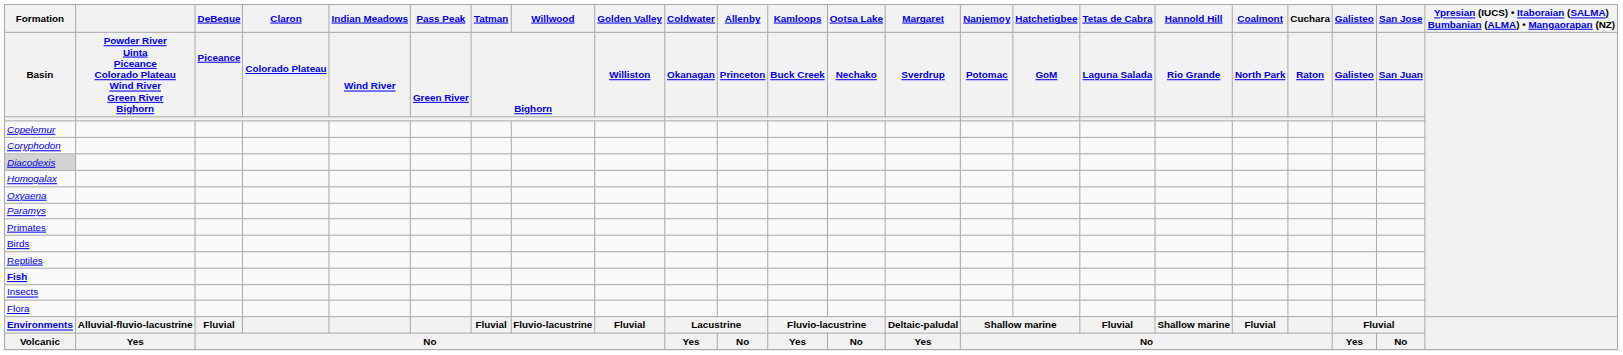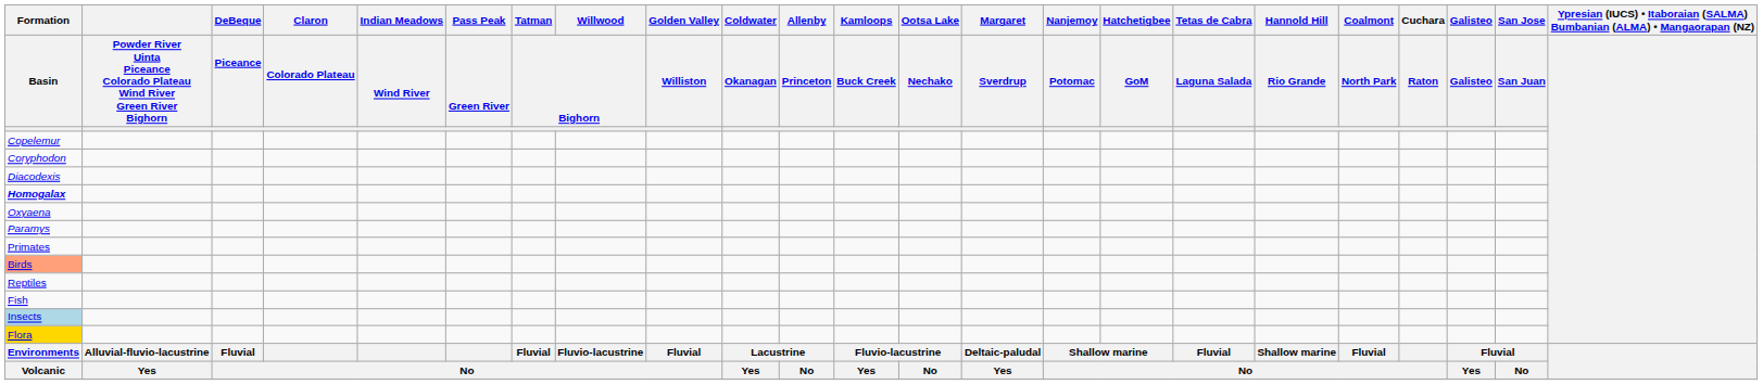 <table class="wikitable" style="font-size: 60%">
 <tr>
 <th>Formation</th>
 <th></th>
 <th><a href='#'>DeBeque</a></th>
 <th><a href='#'>Claron</a></th>
 <th><a href='#'>Indian Meadows</a></th>
 <th><a href='#'>Pass Peak</a></th>
 <th><a href='#'>Tatman</a></th>
 <th><a href='#'>Willwood</a></th>
 <th><a href='#'>Golden Valley</a></th>
 <th><a href='#'>Coldwater</a></th>
 <th><a href='#'>Allenby</a></th>
 <th><a href='#'>Kamloops</a></th>
 <th><a href='#'>Ootsa Lake</a></th>
 <th><a href='#'>Margaret</a></th>
 <th><a href='#'>Nanjemoy</a></th>
 <th><a href='#'>Hatchetigbee</a></th>
 <th><a href='#'>Tetas de Cabra</a></th>
 <th><a href='#'>Hannold Hill</a></th>
 <th><a href='#'>Coalmont</a></th>
 <th>Cuchara</th>
 <th><a href='#'>Galisteo</a></th>
 <th><a href='#'>San Jose</a></th>
 <th><a href='#'>Ypresian</a> (IUCS) • <a href='#'>Itaboraian</a> (<a href='#'>SALMA</a>)<br><a href='#'>Bumbanian</a> (<a href='#'>ALMA</a>) • <a href='#'>Mangaorapan</a> (NZ)</th>
 </tr>
 <tr>
 <th>Basin</th>
 <th><a href='#'>Powder River</a><br><a href='#'>Uinta</a><br><a href='#'>Piceance</a><br><a href='#'>Colorado Plateau</a><br><a href='#'>Wind River</a><br><a href='#'>Green River</a><br><a href='#'>Bighorn</a></th>
 <th><a href='#'>Piceance</a><br><br><br><br></th>
 <th><br><a href='#'>Colorado Plateau</a><br><br><br></th>
 <th><br><br><br><a href='#'>Wind River</a><br><br></th>
 <th><br><br><br><br><a href='#'>Green River</a><br></th>
 <th colspan=2><br><br><br><br><br><br><a href='#'>Bighorn</a></th>
 <th><a href='#'>Williston</a></th>
 <th><a href='#'>Okanagan</a></th>
 <th><a href='#'>Princeton</a></th>
 <th><a href='#'>Buck Creek</a></th>
 <th><a href='#'>Nechako</a></th>
 <th><a href='#'>Sverdrup</a></th>
 <th><a href='#'>Potomac</a></th>
 <th><a href='#'>GoM</a></th>
 <th><a href='#'>Laguna Salada</a></th>
 <th><a href='#'>Rio Grande</a></th>
 <th><a href='#'>North Park</a></th>
 <th><a href='#'>Raton</a></th>
 <th><a href='#'>Galisteo</a></th>
 <th><a href='#'>San Juan</a></th>
 <th align=center rowspan=14></th>
 </tr>
 <tr>
 <th></th>
 <th colspan=8></th>
 <th colspan=5></th>
 <th colspan=2></th>
 <th></th>
 <th colspan=5></th>
 </tr>
 <tr>
 <td><em><a href='#'>Copelemur</a></em></td>
 <td align=center></td>
 <td align=center></td>
 <td align=center></td>
 <td align=center></td>
 <td align=center></td>
 <td align=center></td>
 <td align=center></td>
 <td align=center></td>
 <td align=center></td>
 <td align=center></td>
 <td align=center></td>
 <td align=center></td>
 <td align=center></td>
 <td align=center></td>
 <td align=center></td>
 <td align=center></td>
 <td align=center></td>
 <td align=center></td>
 <td align=center></td>
 <td align=center></td>
 <td align=center></td>
 </tr>
 <tr>
 <td><em><a href='#'>Coryphodon</a></em></td>
 <td align=center></td>
 <td align=center></td>
 <td align=center></td>
 <td align=center></td>
 <td align=center></td>
 <td align=center></td>
 <td align=center></td>
 <td align=center></td>
 <td align=center></td>
 <td align=center></td>
 <td align=center></td>
 <td align=center></td>
 <td align=center></td>
 <td align=center></td>
 <td align=center></td>
 <td align=center></td>
 <td align=center></td>
 <td align=center></td>
 <td align=center></td>
 <td align=center></td>
 <td align=center></td>
 </tr>
 <tr>
-<td style="background: lightgrey;"><em><a href='#'>Diacodexis</a></em></td>
+<td><em><a href='#'>Diacodexis</a></em></td>
 <td align=center></td>
 <td align=center></td>
 <td align=center></td>
 <td align=center></td>
 <td align=center></td>
 <td align=center></td>
 <td align=center></td>
 <td align=center></td>
 <td align=center></td>
 <td align=center></td>
 <td align=center></td>
 <td align=center></td>
 <td align=center></td>
 <td align=center></td>
 <td align=center></td>
 <td align=center></td>
 <td align=center></td>
 <td align=center></td>
 <td align=center></td>
 <td align=center></td>
 <td align=center></td>
 </tr>
 <tr>
-<td><em><a href='#'>Homogalax</a></em></td>
+<td><strong><em><a href='#'>Homogalax</a></em></strong></td>
 <td align=center></td>
 <td align=center></td>
 <td align=center></td>
 <td align=center></td>
 <td align=center></td>
 <td align=center></td>
 <td align=center></td>
 <td align=center></td>
 <td align=center></td>
 <td align=center></td>
 <td align=center></td>
 <td align=center></td>
 <td align=center></td>
 <td align=center></td>
 <td align=center></td>
 <td align=center></td>
 <td align=center></td>
 <td align=center></td>
 <td align=center></td>
 <td align=center></td>
 <td align=center></td>
 </tr>
 <tr>
 <td><em><a href='#'>Oxyaena</a></em></td>
 <td align=center></td>
 <td align=center></td>
 <td align=center></td>
 <td align=center></td>
 <td align=center></td>
 <td align=center></td>
 <td align=center></td>
 <td align=center></td>
 <td align=center></td>
 <td align=center></td>
 <td align=center></td>
 <td align=center></td>
 <td align=center></td>
 <td align=center></td>
 <td align=center></td>
 <td align=center></td>
 <td align=center></td>
 <td align=center></td>
 <td align=center></td>
 <td align=center></td>
 <td align=center></td>
 </tr>
 <tr>
 <td><em><a href='#'>Paramys</a></em></td>
 <td align=center></td>
 <td align=center></td>
 <td align=center></td>
 <td align=center></td>
 <td align=center></td>
 <td align=center></td>
 <td align=center></td>
 <td align=center></td>
 <td align=center></td>
 <td align=center></td>
 <td align=center></td>
 <td align=center></td>
 <td align=center></td>
 <td align=center></td>
 <td align=center></td>
 <td align=center></td>
 <td align=center></td>
 <td align=center></td>
 <td align=center></td>
 <td align=center></td>
 <td align=center></td>
 </tr>
 <tr>
 <td><a href='#'>Primates</a></td>
 <td align=center></td>
 <td align=center></td>
 <td align=center></td>
 <td align=center></td>
 <td align=center></td>
 <td align=center></td>
 <td align=center></td>
 <td align=center></td>
 <td align=center></td>
 <td align=center></td>
 <td align=center></td>
 <td align=center></td>
 <td align=center></td>
 <td align=center></td>
 <td align=center></td>
 <td align=center></td>
 <td align=center></td>
 <td align=center></td>
 <td align=center></td>
 <td align=center></td>
 <td align=center></td>
 </tr>
 <tr>
-<td><a href='#'>Birds</a></td>
+<td style="background: lightsalmon;"><a href='#'>Birds</a></td>
 <td align=center></td>
 <td align=center></td>
 <td align=center></td>
 <td align=center></td>
 <td align=center></td>
 <td align=center></td>
 <td align=center></td>
 <td align=center></td>
 <td align=center></td>
 <td align=center></td>
 <td align=center></td>
 <td align=center></td>
 <td align=center></td>
 <td align=center></td>
 <td align=center></td>
 <td align=center></td>
 <td align=center></td>
 <td align=center></td>
 <td align=center></td>
 <td align=center></td>
 <td align=center></td>
 </tr>
 <tr>
 <td><a href='#'>Reptiles</a></td>
 <td align=center></td>
 <td align=center></td>
 <td align=center></td>
 <td align=center></td>
 <td align=center></td>
 <td align=center></td>
 <td align=center></td>
 <td align=center></td>
 <td align=center></td>
 <td align=center></td>
 <td align=center></td>
 <td align=center></td>
 <td align=center></td>
 <td align=center></td>
 <td align=center></td>
 <td align=center></td>
 <td align=center></td>
 <td align=center></td>
 <td align=center></td>
 <td align=center></td>
 <td align=center></td>
 </tr>
 <tr>
-<td><strong><a href='#'>Fish</a></strong></td>
+<td><a href='#'>Fish</a></td>
 <td align=center></td>
 <td align=center></td>
 <td align=center></td>
 <td align=center></td>
 <td align=center></td>
 <td align=center></td>
 <td align=center></td>
 <td align=center></td>
 <td align=center></td>
 <td align=center></td>
 <td align=center></td>
 <td align=center></td>
 <td align=center></td>
 <td align=center></td>
 <td align=center></td>
 <td align=center></td>
 <td align=center></td>
 <td align=center></td>
 <td align=center></td>
 <td align=center></td>
 <td align=center></td>
 </tr>
 <tr>
-<td><a href='#'>Insects</a></td>
+<td style="background: lightblue;"><a href='#'>Insects</a></td>
 <td align=center></td>
 <td align=center></td>
 <td align=center></td>
 <td align=center></td>
 <td align=center></td>
 <td align=center></td>
 <td align=center></td>
 <td align=center></td>
 <td align=center></td>
 <td align=center></td>
 <td align=center></td>
 <td align=center></td>
 <td align=center></td>
 <td align=center></td>
 <td align=center></td>
 <td align=center></td>
 <td align=center></td>
 <td align=center></td>
 <td align=center></td>
 <td align=center></td>
 <td align=center></td>
 </tr>
 <tr>
-<td><a href='#'>Flora</a></td>
+<td style="background: gold;"><a href='#'>Flora</a></td>
 <td align=center></td>
 <td align=center></td>
 <td align=center></td>
 <td align=center></td>
 <td align=center></td>
 <td align=center></td>
 <td align=center></td>
 <td align=center></td>
 <td align=center></td>
 <td align=center></td>
 <td align=center></td>
 <td align=center></td>
 <td align=center></td>
 <td align=center></td>
 <td align=center></td>
 <td align=center></td>
 <td align=center></td>
 <td align=center></td>
 <td align=center></td>
 <td align=center></td>
 <td align=center></td>
 </tr>
 <tr>
 <th><a href='#'>Environments</a></th>
 <th>Alluvial-fluvio-lacustrine</th>
 <th>Fluvial</th>
 <th></th>
 <th></th>
 <th></th>
 <th>Fluvial</th>
 <th>Fluvio-lacustrine</th>
 <th>Fluvial</th>
 <th colspan=2>Lacustrine</th>
 <th colspan=2>Fluvio-lacustrine</th>
 <th>Deltaic-paludal</th>
 <th colspan=2>Shallow marine</th>
 <th>Fluvial</th>
 <th>Shallow marine</th>
 <th>Fluvial</th>
 <th></th>
 <th colspan=2>Fluvial</th>
 <th rowspan=2 align=left><br><br></th>
 </tr>
 <tr>
 <th>Volcanic</th>
 <th>Yes</th>
 <th colspan=7>No</th>
 <th>Yes</th>
 <th>No</th>
 <th>Yes</th>
 <th>No</th>
 <th>Yes</th>
 <th colspan=6>No</th>
 <th>Yes</th>
 <th>No</th>
 </tr>
 <tr>
 </tr>
 </table>
